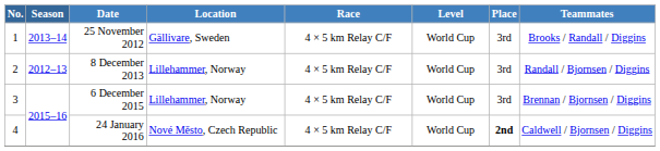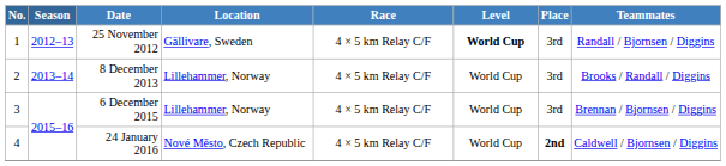 <table class="wikitable sortable" style="font-size:95%; text-align:center; border:grey solid 1px; border-collapse:collapse; background:#ffffff;">
 <tr style="background:#efefef;">
 <th style="background-color:#369; color:white;">No.</th>
 <th style="background-color:#369; color:white;">Season</th>
 <th style="background-color:#4180be; color:white; width:100px;">Date</th>
 <th style="background-color:#4180be; color:white; width:185px;">Location</th>
 <th style="background-color:#4180be; color:white; width:170px;">Race</th>
 <th style="background-color:#4180be; color:white; width:100px;">Level</th>
 <th style="background-color:#4180be; color:white;">Place</th>
 <th style="background-color:#4180be; color:white;">Teammates</th>
 </tr>
 <tr>
 <td align=center>1</td>
-<td rowspan=1 align=center><a href='#'>2013–14</a></td>
+<td rowspan=1 align=center><a href='#'>2012–13</a></td>
 <td align=right>25 November 2012</td>
 <td align=left> <a href='#'>Gällivare</a>, Sweden</td>
 <td>4 × 5 km Relay C/F</td>
-<td>World Cup</td>
+<td><strong>World Cup</strong></td>
 <td>3rd</td>
-<td><a href='#'>Brooks</a> / <a href='#'>Randall</a> / <a href='#'>Diggins</a></td>
+<td><a href='#'>Randall</a> / <a href='#'>Bjornsen</a> / <a href='#'>Diggins</a></td>
 </tr>
 <tr>
 <td align=center>2</td>
-<td rowspan=1 align=center><a href='#'>2012–13</a></td>
+<td rowspan=1 align=center><a href='#'>2013–14</a></td>
 <td align=right>8 December 2013</td>
 <td align=left> <a href='#'>Lillehammer</a>, Norway</td>
 <td>4 × 5 km Relay C/F</td>
 <td>World Cup</td>
 <td>3rd</td>
-<td><a href='#'>Randall</a> / <a href='#'>Bjornsen</a> / <a href='#'>Diggins</a></td>
+<td><a href='#'>Brooks</a> / <a href='#'>Randall</a> / <a href='#'>Diggins</a></td>
 </tr>
 <tr>
 <td align=center>3</td>
 <td rowspan=2 align=center><a href='#'>2015–16</a></td>
 <td align=right>6 December 2015</td>
 <td align=left> <a href='#'>Lillehammer</a>, Norway</td>
 <td>4 × 5 km Relay C/F</td>
 <td>World Cup</td>
 <td>3rd</td>
 <td><a href='#'>Brennan</a> / <a href='#'>Bjornsen</a> / <a href='#'>Diggins</a></td>
 </tr>
 <tr>
 <td align=center>4</td>
 <td align=right>24 January 2016</td>
 <td align=left> <a href='#'>Nové Město</a>, Czech Republic</td>
 <td>4 × 5 km Relay C/F</td>
 <td>World Cup</td>
 <td><strong>2nd</strong></td>
 <td><a href='#'>Caldwell</a> / <a href='#'>Bjornsen</a> / <a href='#'>Diggins</a></td>
 </tr>
 <tr>
 </tr>
 </table>
